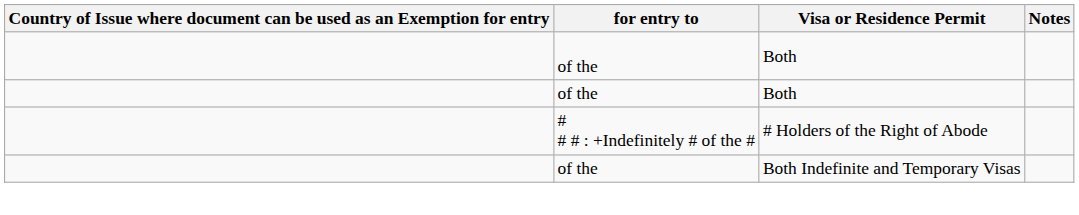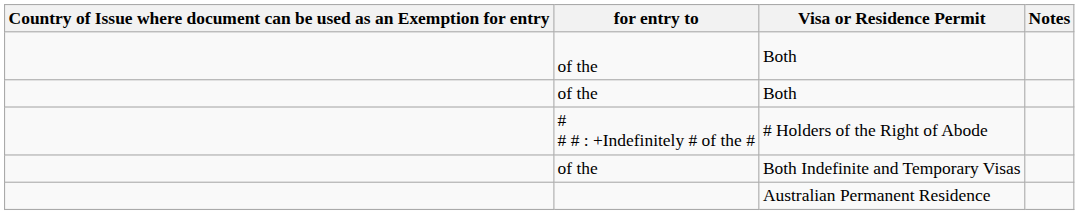 <table class="wikitable">
 <tr>
 <th>Country of Issue where document can be used as an Exemption for entry</th>
 <th>for entry to</th>
 <th>Visa or Residence Permit</th>
 <th>Notes</th>
 </tr>
 <tr>
 <td></td>
 <td><br>   of the        </td>
 <td>Both</td>
 <td></td>
 </tr>
 <tr>
 <td></td>
 <td> of the <br></td>
 <td>Both</td>
 <td></td>
 </tr>
 <tr>
 <td></td>
 <td> #<br> #  # : +Indefinitely #  of the  #</td>
 <td># Holders of the Right of Abode</td>
 <td></td>
 </tr>
 <tr>
 <td></td>
 <td> of the </td>
 <td>Both Indefinite and Temporary Visas</td>
 <td></td>
 </tr>
+<tr>
+<td></td>
+<td></td>
+<td>Australian Permanent Residence</td>
+<td></td>
+</tr>
 </table>
